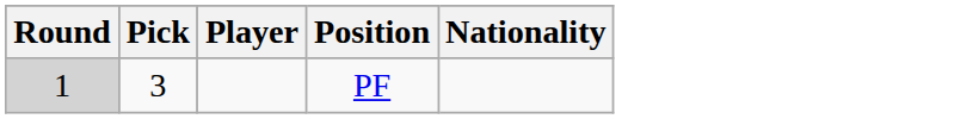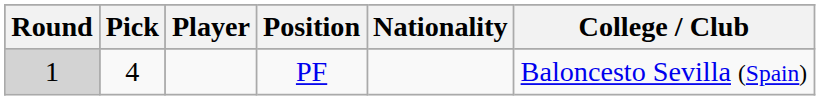 <table class="wikitable sortable sortable">
 <tr>
 <th>Round</th>
 <th>Pick</th>
 <th>Player</th>
 <th>Position</th>
 <th>Nationality</th>
+<th>College / Club</th>
 </tr>
 <tr style="text-align: center">
 <td style="background: lightgrey;">1</td>
-<td>3</td>
+<td>4</td>
 <td></td>
 <td><a href='#'>PF</a></td>
 <td></td>
+<td><a href='#'>Baloncesto Sevilla</a> <small>(<a href='#'>Spain</a>)</small></td>
 </tr>
 </table>
